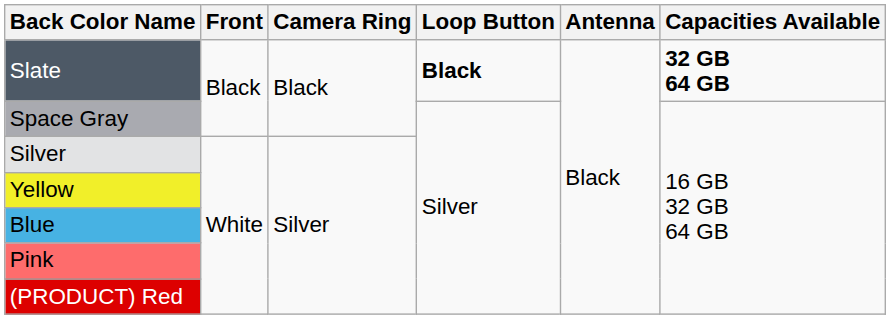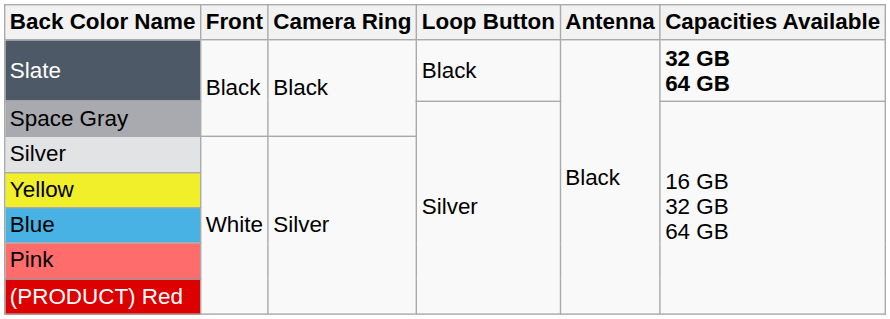 <table class="wikitable">
 <tr>
 <th>Back Color Name</th>
 <th>Front</th>
 <th>Camera Ring</th>
 <th>Loop Button</th>
 <th>Antenna</th>
 <th>Capacities Available</th>
 </tr>
 <tr>
 <td style="background: #4d5966; color: white">Slate</td>
 <td rowspan="2">Black</td>
 <td rowspan="2">Black</td>
-<td><strong>Black</strong></td>
+<td>Black</td>
 <td rowspan="7">Black</td>
 <td><strong>32 GB<br>64 GB</strong></td>
 </tr>
 <tr>
 <td style="background: #a9aab0">Space Gray</td>
 <td rowspan="6">Silver</td>
 <td rowspan="6">16 GB<br>32 GB<br>64 GB</td>
 </tr>
 <tr>
 <td style="background: #e2e3e4">Silver</td>
 <td rowspan="5">White</td>
 <td rowspan="5">Silver</td>
 </tr>
 <tr>
 <td style="background: #f1ef29">Yellow</td>
 </tr>
 <tr>
 <td style="background: #47b2e3">Blue</td>
 </tr>
 <tr>
 <td style="background: #fe6c6c">Pink</td>
 </tr>
 <tr>
 <td style="background: #dd0000; color: white">(PRODUCT) Red</td>
 </tr>
 </table>
